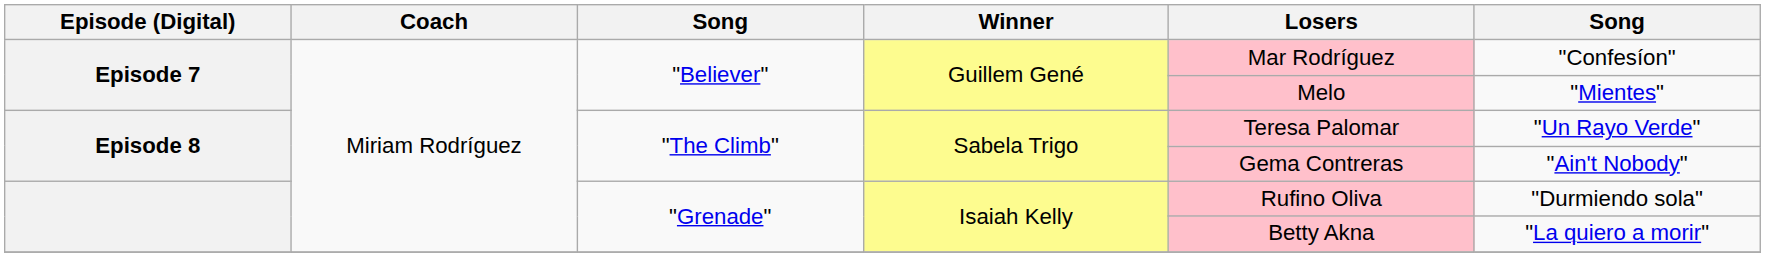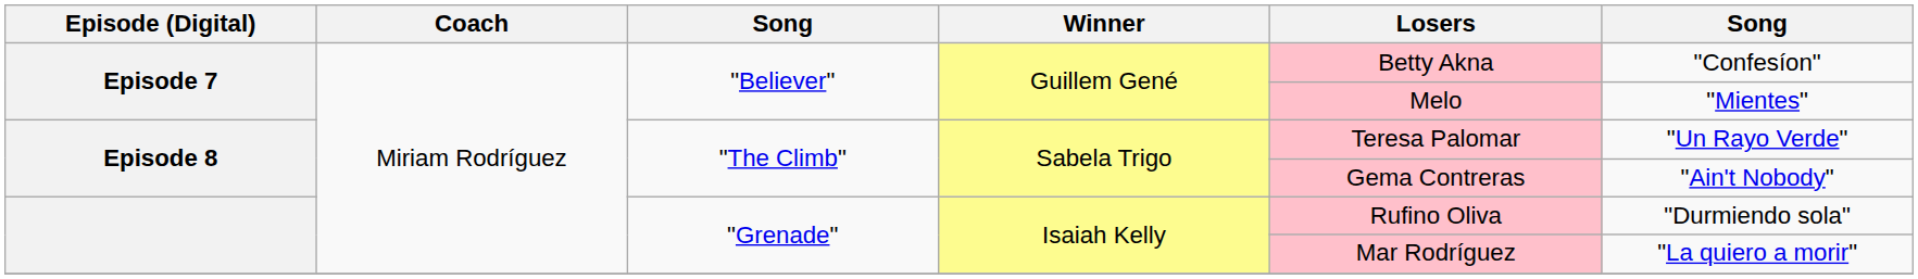 <table class="wikitable" style="text-align: center; width:100%">
 <tr>
 <th style="width:15%">Episode (Digital)</th>
 <th style="width:15%">Coach</th>
 <th style="width:15%">Song</th>
 <th style="width:16%">Winner</th>
 <th style="width:16%">Losers</th>
 <th style="width:15%">Song</th>
 </tr>
 <tr>
 <th rowspan="2">Episode 7<br><small></small></th>
 <td rowspan="6">Miriam Rodríguez</td>
 <td rowspan="2">"<a href='#'>Believer</a>"</td>
 <td rowspan="2" style="background:#fdfc8f">Guillem Gené</td>
-<td style="background:pink">Mar Rodríguez</td>
+<td style="background:pink">Betty Akna</td>
 <td>"Confesíon"</td>
 </tr>
 <tr>
 <td style="background:pink">Melo</td>
 <td>"<a href='#'>Mientes</a>"</td>
 </tr>
 <tr>
 <th rowspan="2">Episode 8<br><small></small></th>
 <td rowspan="2">"<a href='#'>The Climb</a>"</td>
 <td rowspan="2" style="background:#fdfc8f">Sabela Trigo</td>
 <td style="background:pink">Teresa Palomar</td>
 <td>"<a href='#'>Un Rayo Verde</a>"</td>
 </tr>
 <tr>
 <td style="background:pink">Gema Contreras</td>
 <td>"<a href='#'>Ain't Nobody</a>"</td>
 </tr>
 <tr>
 <th rowspan="2"></th>
 <td rowspan="2">"<a href='#'>Grenade</a>"</td>
 <td rowspan="2" style="background:#fdfc8f">Isaiah Kelly</td>
 <td style="background:pink">Rufino Oliva</td>
 <td>"Durmiendo sola"</td>
 </tr>
 <tr>
-<td style="background:pink">Betty Akna</td>
+<td style="background:pink">Mar Rodríguez</td>
 <td>"<a href='#'>La quiero a morir</a>"</td>
 </tr>
 <tr>
 </tr>
 </table>
